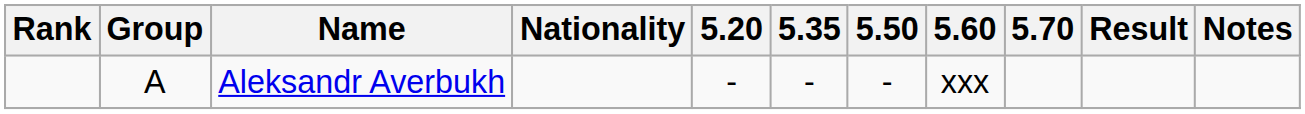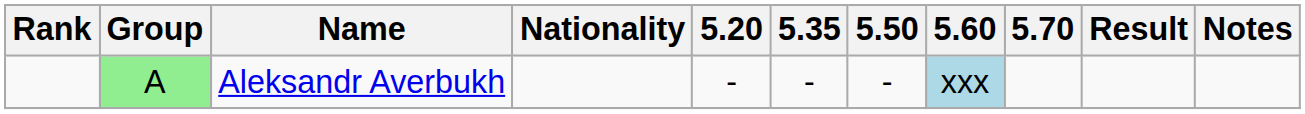 <table class="wikitable sortable" style="text-align:center">
 <tr>
 <th>Rank</th>
 <th>Group</th>
 <th>Name</th>
 <th>Nationality</th>
 <th>5.20</th>
 <th>5.35</th>
 <th>5.50</th>
 <th>5.60</th>
 <th>5.70</th>
 <th>Result</th>
 <th>Notes</th>
 </tr>
 <tr>
 <td></td>
-<td>A</td>
+<td style="background: lightgreen;">A</td>
 <td align=left><a href='#'>Aleksandr Averbukh</a></td>
 <td align=left></td>
 <td>-</td>
 <td>-</td>
 <td>-</td>
-<td>xxx</td>
+<td style="background: lightblue;">xxx</td>
 <td colspan=1></td>
 <td><strong></strong></td>
 <td></td>
 </tr>
 <tr>
 </tr>
 </table>
